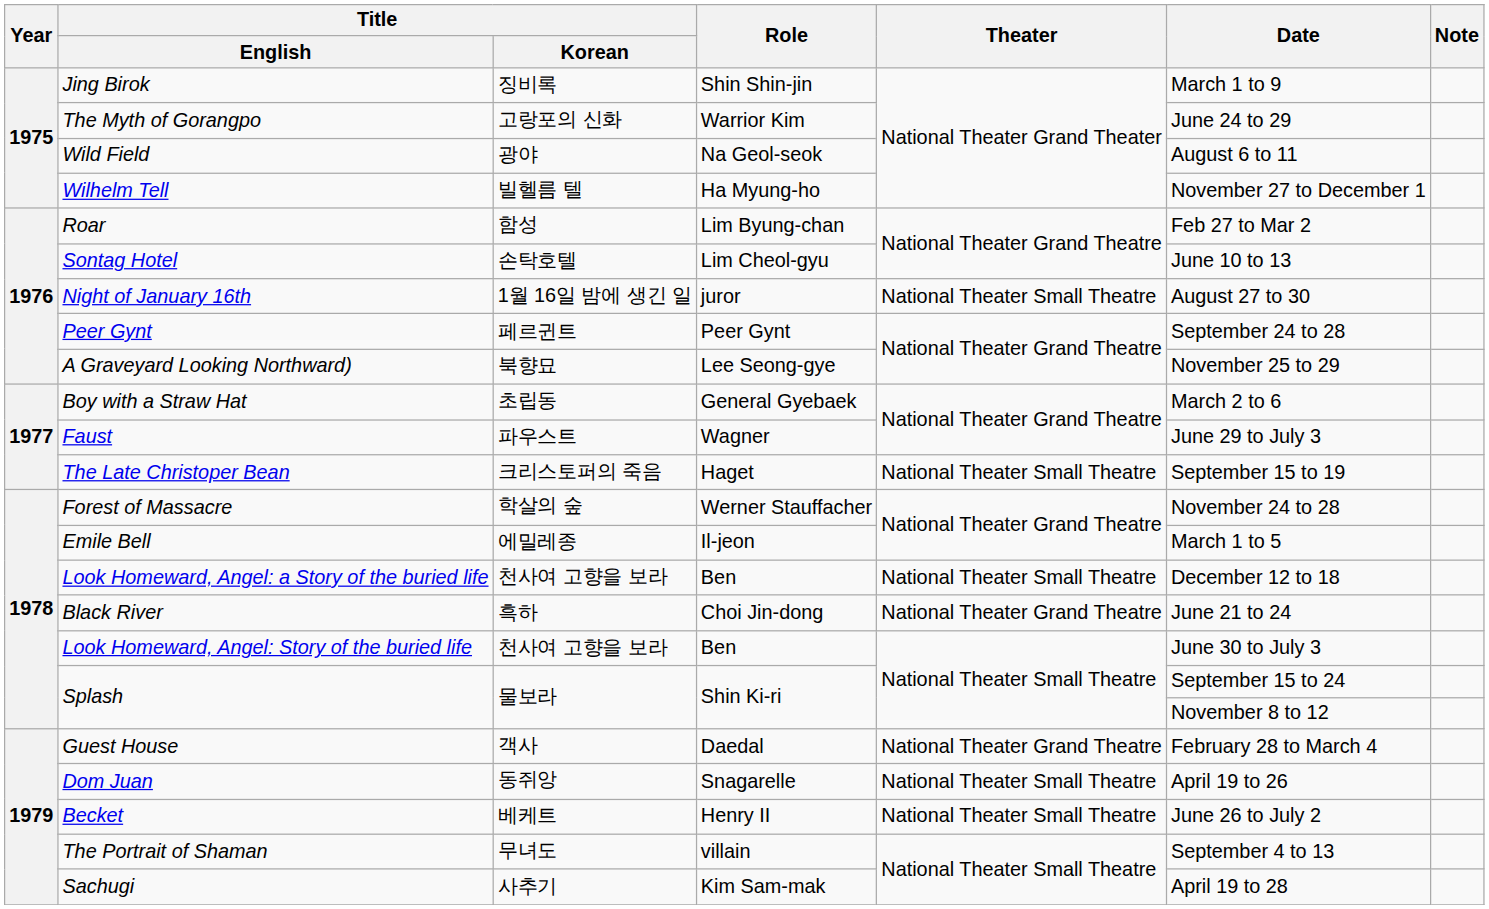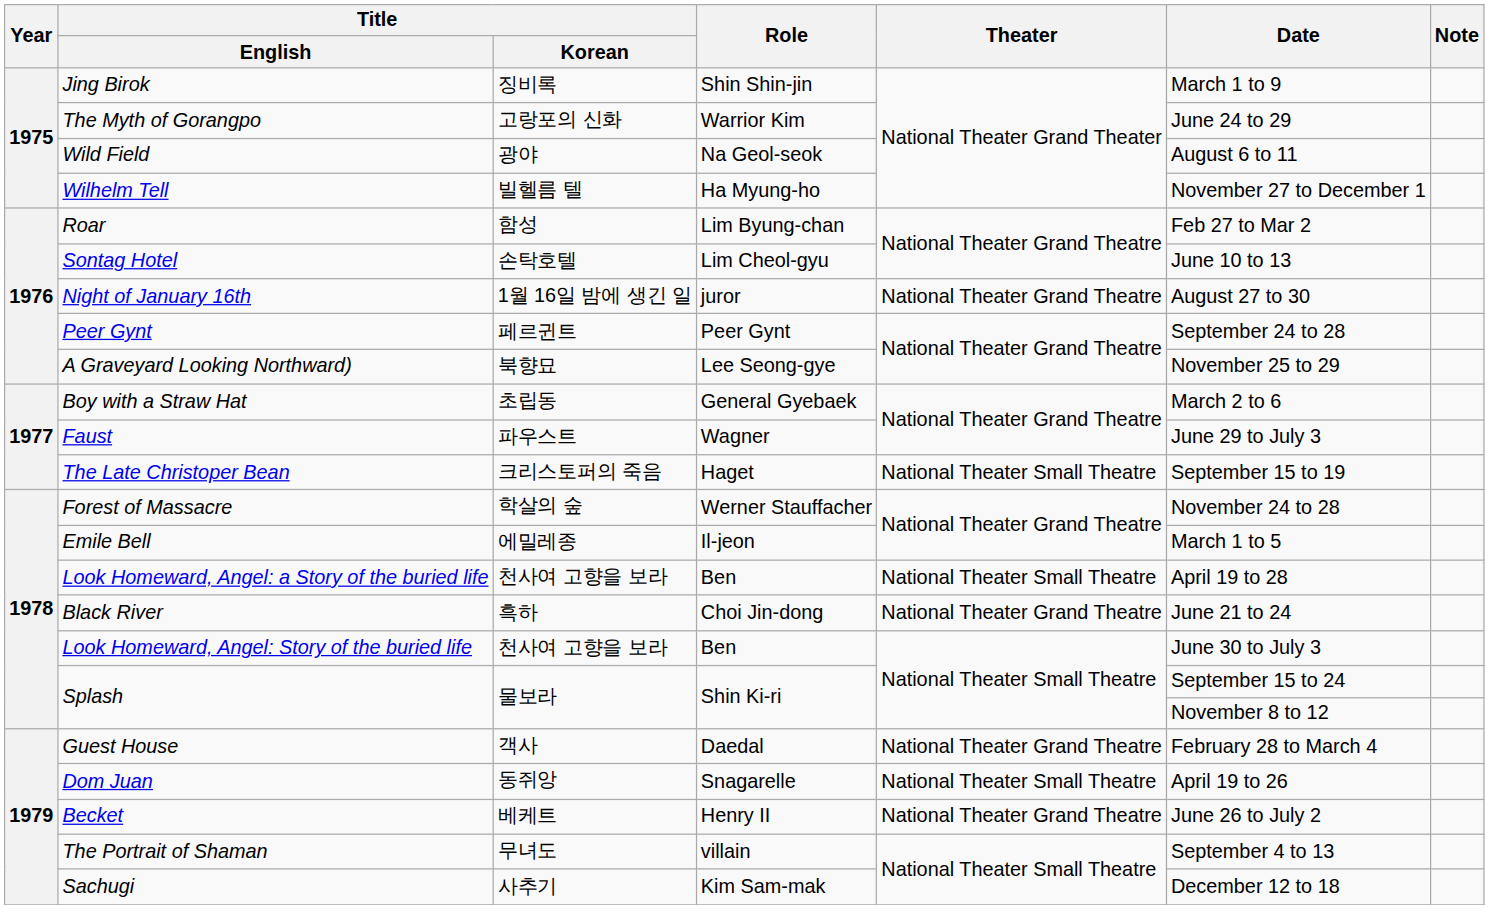 <table Class="wikitable sortable plainrowheaders" style="clear:none; font-size:100%;">
 <tr>
 <th scope="col" rowspan="2">Year</th>
 <th scope="col" colspan="2">Title</th>
 <th scope="col" rowspan="2">Role</th>
 <th scope="col" rowspan="2">Theater</th>
 <th scope="col" rowspan="2">Date</th>
 <th rowspan="2">Note</th>
 </tr>
 <tr>
 <th>English</th>
 <th>Korean</th>
 </tr>
 <tr>
 <th scope="row" rowspan="4">1975</th>
 <td><em>Jing Birok</em></td>
 <td>징비록</td>
 <td>Shin Shin-jin</td>
 <td rowspan="4">National Theater Grand Theater</td>
 <td>March 1 to 9</td>
 <td></td>
 </tr>
 <tr>
 <td><em>The Myth of Gorangpo</em></td>
 <td>고랑포의 신화</td>
 <td>Warrior Kim</td>
 <td>June 24 to 29</td>
 <td></td>
 </tr>
 <tr>
 <td><em>Wild Field</em></td>
 <td>광야</td>
 <td>Na Geol-seok</td>
 <td>August 6 to 11</td>
 <td></td>
 </tr>
 <tr>
 <td><a href='#'><em>Wilhelm Tell</em></a></td>
 <td>빌헬름 텔</td>
 <td>Ha Myung-ho</td>
 <td>November 27 to December 1</td>
 <td></td>
 </tr>
 <tr>
 <th scope="row" rowspan="5">1976</th>
 <td><em>Roar</em></td>
 <td>함성</td>
 <td>Lim Byung-chan</td>
 <td rowspan="2">National Theater Grand Theatre</td>
 <td>Feb 27 to Mar 2</td>
 <td></td>
 </tr>
 <tr>
 <td><em><a href='#'>Sontag Hotel</a></em></td>
 <td>손탁호텔</td>
 <td>Lim Cheol-gyu</td>
 <td>June 10 to 13</td>
 <td></td>
 </tr>
 <tr>
 <td><em><a href='#'>Night of January 16th</a></em></td>
 <td>1월 16일 밤에 생긴 일</td>
 <td>juror</td>
-<td>National Theater Small Theatre</td>
+<td>National Theater Grand Theatre</td>
 <td>August 27 to 30</td>
 <td></td>
 </tr>
 <tr>
 <td><em><a href='#'>Peer Gynt</a></em></td>
 <td>페르귄트</td>
 <td>Peer Gynt</td>
 <td rowspan="2">National Theater Grand Theatre</td>
 <td>September 24 to 28</td>
 <td></td>
 </tr>
 <tr>
 <td><em>A Graveyard Looking Northward)</em></td>
 <td>북향묘</td>
 <td>Lee Seong-gye</td>
 <td>November 25 to 29</td>
 <td></td>
 </tr>
 <tr>
 <th scope="row" rowspan="3">1977</th>
 <td><em>Boy with a Straw Hat</em></td>
 <td>초립동</td>
 <td>General Gyebaek</td>
 <td rowspan="2">National Theater Grand Theatre</td>
 <td>March 2 to 6</td>
 <td></td>
 </tr>
 <tr>
 <td><a href='#'><em>Faust</em></a></td>
 <td>파우스트</td>
 <td>Wagner</td>
 <td>June 29 to July 3</td>
 <td></td>
 </tr>
 <tr>
 <td><em><a href='#'>The Late Christoper Bean</a></em></td>
 <td>크리스토퍼의 죽음</td>
 <td>Haget</td>
 <td>National Theater Small Theatre</td>
 <td>September 15 to 19</td>
 <td></td>
 </tr>
 <tr>
 <th scope="row" rowspan="7">1978</th>
 <td><em>Forest of Massacre</em></td>
 <td>학살의 숲</td>
 <td>Werner Stauffacher</td>
 <td rowspan="2">National Theater Grand Theatre</td>
 <td>November 24 to 28</td>
 <td></td>
 </tr>
 <tr>
 <td><em>Emile Bell</em></td>
 <td>에밀레종</td>
 <td>Il-jeon</td>
 <td>March 1 to 5</td>
 <td></td>
 </tr>
 <tr>
 <td><a href='#'><em>Look Homeward, Angel: a Story of the buried life</em></a></td>
 <td>천사여 고향을 보라</td>
 <td>Ben</td>
 <td>National Theater Small Theatre</td>
-<td>December 12 to 18</td>
+<td>April 19 to 28</td>
 <td></td>
 </tr>
 <tr>
 <td><em>Black River</em></td>
 <td>흑하</td>
 <td>Choi Jin-dong</td>
 <td>National Theater Grand Theatre</td>
 <td>June 21 to 24</td>
 <td></td>
 </tr>
 <tr>
 <td><a href='#'><em>Look Homeward, Angel: Story of the buried life</em></a></td>
 <td>천사여 고향을 보라</td>
 <td>Ben</td>
 <td rowspan="3">National Theater Small Theatre</td>
 <td>June 30 to July 3</td>
 <td></td>
 </tr>
 <tr>
 <td rowspan="2"><em>Splash</em></td>
 <td rowspan="2">물보라</td>
 <td rowspan="2">Shin Ki-ri</td>
 <td>September 15 to 24</td>
 <td></td>
 </tr>
 <tr>
 <td>November 8 to 12</td>
 <td></td>
 </tr>
 <tr>
 <th scope="row" rowspan="5">1979</th>
 <td><em>Guest House</em></td>
 <td>객사</td>
 <td>Daedal</td>
 <td>National Theater Grand Theatre</td>
 <td>February 28 to March 4</td>
 <td></td>
 </tr>
 <tr>
 <td><em><a href='#'>Dom Juan</a></em></td>
 <td>동쥐앙</td>
 <td>Snagarelle</td>
 <td>National Theater Small Theatre</td>
 <td>April 19 to 26</td>
 <td></td>
 </tr>
 <tr>
 <td><a href='#'><em>Becket</em></a></td>
 <td>베케트</td>
 <td>Henry II</td>
-<td>National Theater Small Theatre</td>
+<td>National Theater Grand Theatre</td>
 <td>June 26 to July 2</td>
 <td></td>
 </tr>
 <tr>
 <td><em>The Portrait of Shaman</em></td>
 <td>무녀도</td>
 <td>villain</td>
 <td rowspan="2">National Theater Small Theatre</td>
 <td>September 4 to 13</td>
 <td></td>
 </tr>
 <tr>
 <td><em>Sachugi</em></td>
 <td>사추기</td>
 <td>Kim Sam-mak</td>
-<td>April 19 to 28</td>
+<td>December 12 to 18</td>
 <td></td>
 </tr>
 </table>
